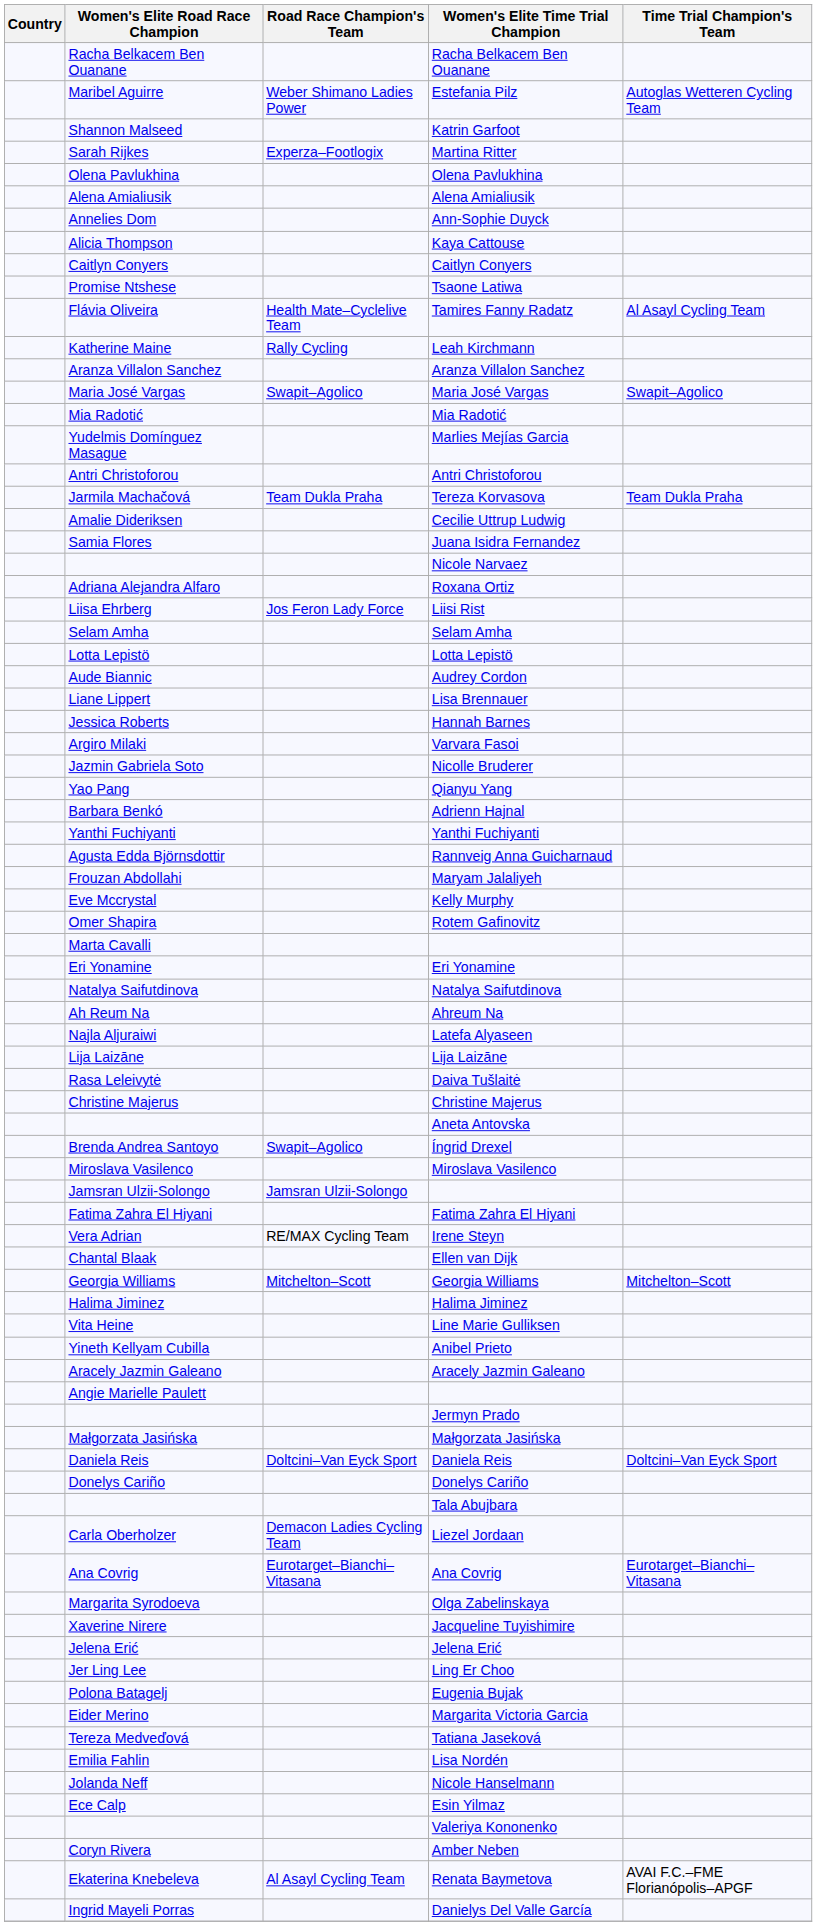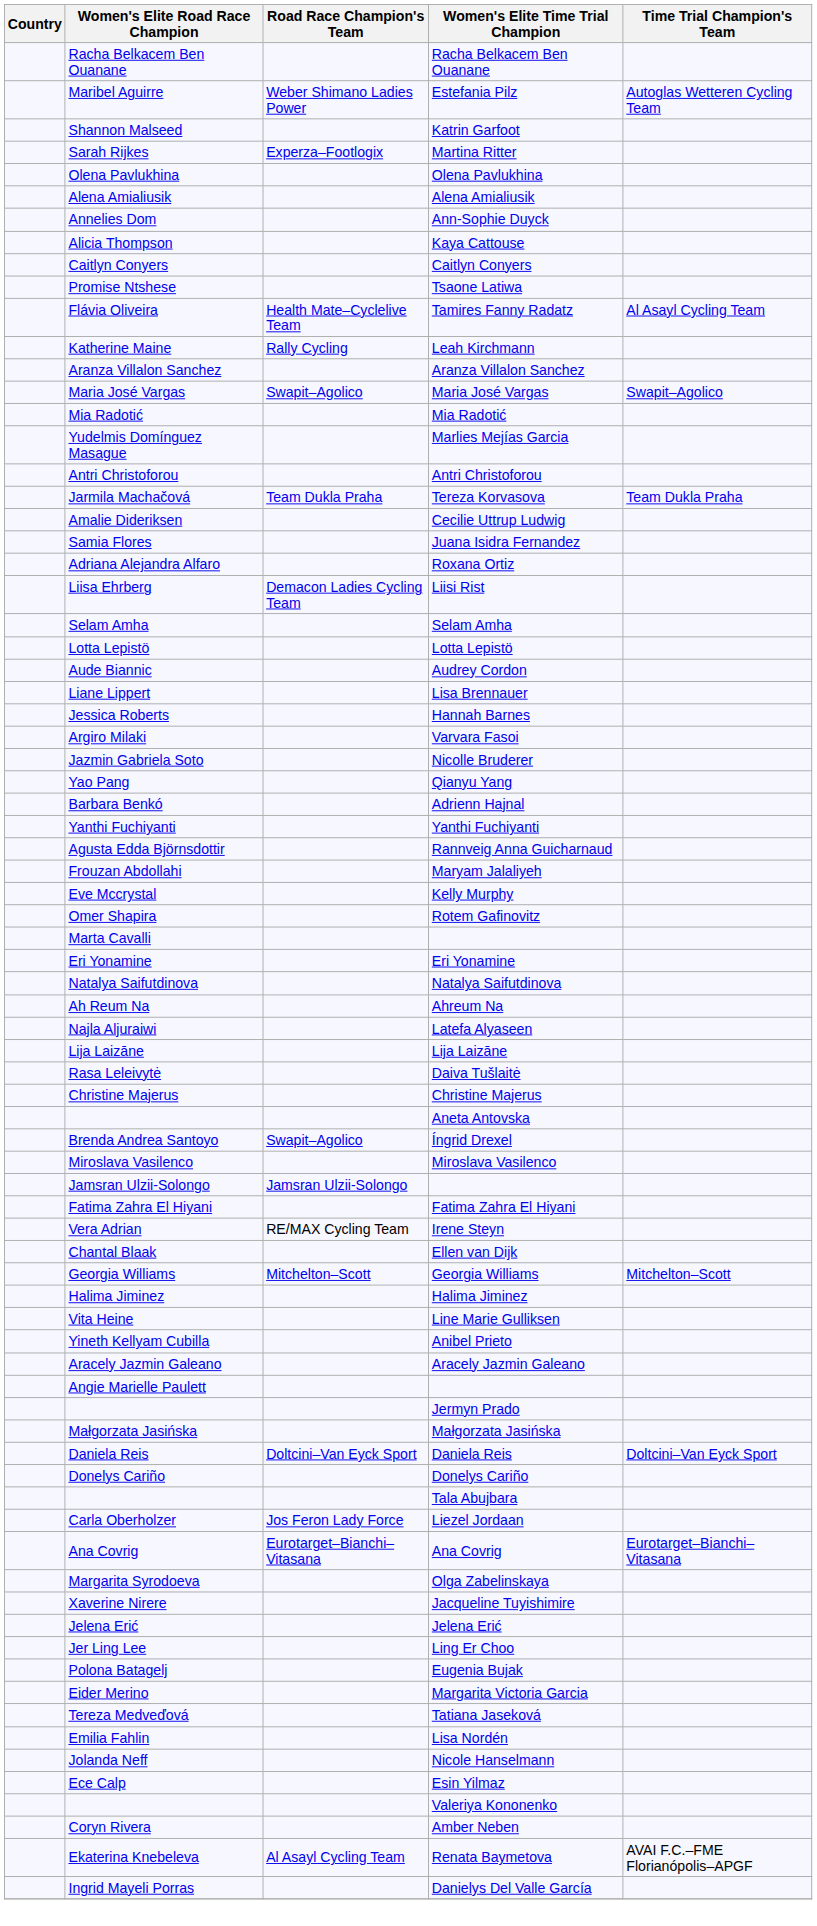 <table class="wikitable sortable"  style="background:#f7f8ff; font-size:95%;">
 <tr>
 <th>Country</th>
 <th>Women's Elite Road Race Champion</th>
 <th>Road Race Champion's Team</th>
 <th>Women's Elite Time Trial Champion</th>
 <th>Time Trial Champion's Team</th>
 </tr>
 <tr style="text-align:left; vertical-align:top;">
 <td></td>
 <td><a href='#'>Racha Belkacem Ben Ouanane</a></td>
 <td></td>
 <td><a href='#'>Racha Belkacem Ben Ouanane</a></td>
 <td></td>
 </tr>
 <tr style="text-align:left; vertical-align:top;">
 <td></td>
 <td><a href='#'>Maribel Aguirre</a></td>
 <td><a href='#'>Weber Shimano Ladies Power</a></td>
 <td><a href='#'>Estefania Pilz</a></td>
 <td><a href='#'>Autoglas Wetteren Cycling Team</a></td>
 </tr>
 <tr style="text-align:left; vertical-align:top;">
 <td></td>
 <td><a href='#'>Shannon Malseed</a></td>
 <td></td>
 <td><a href='#'>Katrin Garfoot</a></td>
 <td></td>
 </tr>
 <tr style="text-align:left; vertical-align:top;">
 <td></td>
 <td><a href='#'>Sarah Rijkes</a></td>
 <td><a href='#'>Experza–Footlogix</a></td>
 <td><a href='#'>Martina Ritter</a></td>
 <td></td>
 </tr>
 <tr style="text-align:left; vertical-align:top;">
 <td></td>
 <td><a href='#'>Olena Pavlukhina</a></td>
 <td></td>
 <td><a href='#'>Olena Pavlukhina</a></td>
 <td></td>
 </tr>
 <tr style="text-align:left; vertical-align:top;">
 <td></td>
 <td><a href='#'>Alena Amialiusik</a></td>
 <td></td>
 <td><a href='#'>Alena Amialiusik</a></td>
 <td></td>
 </tr>
 <tr style="text-align:left; vertical-align:top;">
 <td></td>
 <td><a href='#'>Annelies Dom</a></td>
 <td></td>
 <td><a href='#'>Ann-Sophie Duyck</a></td>
 <td></td>
 </tr>
 <tr style="text-align:left; vertical-align:top;">
 <td></td>
 <td><a href='#'>Alicia Thompson</a></td>
 <td></td>
 <td><a href='#'>Kaya Cattouse</a></td>
 <td></td>
 </tr>
 <tr style="text-align:left; vertical-align:top;">
 <td></td>
 <td><a href='#'>Caitlyn Conyers</a></td>
 <td></td>
 <td><a href='#'>Caitlyn Conyers</a></td>
 <td></td>
 </tr>
 <tr style="text-align:left; vertical-align:top;">
 <td></td>
 <td><a href='#'>Promise Ntshese</a></td>
 <td></td>
 <td><a href='#'>Tsaone Latiwa</a></td>
 <td></td>
 </tr>
 <tr style="text-align:left; vertical-align:top;">
 <td></td>
 <td><a href='#'>Flávia Oliveira</a></td>
 <td><a href='#'>Health Mate–Cyclelive Team</a></td>
 <td><a href='#'>Tamires Fanny Radatz</a></td>
 <td><a href='#'>Al Asayl Cycling Team</a></td>
 </tr>
 <tr style="text-align:left; vertical-align:top;">
 <td></td>
 <td><a href='#'>Katherine Maine</a></td>
 <td><a href='#'>Rally Cycling</a></td>
 <td><a href='#'>Leah Kirchmann</a></td>
 <td></td>
 </tr>
 <tr style="text-align:left; vertical-align:top;">
 <td></td>
 <td><a href='#'>Aranza Villalon Sanchez</a></td>
 <td></td>
 <td><a href='#'>Aranza Villalon Sanchez</a></td>
 <td></td>
 </tr>
 <tr style="text-align:left; vertical-align:top;">
 <td></td>
 <td><a href='#'>Maria José Vargas</a></td>
 <td><a href='#'>Swapit–Agolico</a></td>
 <td><a href='#'>Maria José Vargas</a></td>
 <td><a href='#'>Swapit–Agolico</a></td>
 </tr>
 <tr style="text-align:left; vertical-align:top;">
 <td></td>
 <td><a href='#'>Mia Radotić</a></td>
 <td></td>
 <td><a href='#'>Mia Radotić</a></td>
 <td></td>
 </tr>
 <tr style="text-align:left; vertical-align:top;">
 <td></td>
 <td><a href='#'>Yudelmis Domínguez Masague</a></td>
 <td></td>
 <td><a href='#'>Marlies Mejías Garcia</a></td>
 <td></td>
 </tr>
 <tr style="text-align:left; vertical-align:top;">
 <td></td>
 <td><a href='#'>Antri Christoforou</a></td>
 <td></td>
 <td><a href='#'>Antri Christoforou</a></td>
 <td></td>
 </tr>
 <tr style="text-align:left; vertical-align:top;">
 <td></td>
 <td><a href='#'>Jarmila Machačová</a></td>
 <td><a href='#'>Team Dukla Praha</a></td>
 <td><a href='#'>Tereza Korvasova</a></td>
 <td><a href='#'>Team Dukla Praha</a></td>
 </tr>
 <tr style="text-align:left; vertical-align:top;">
 <td></td>
 <td><a href='#'>Amalie Dideriksen</a></td>
 <td></td>
 <td><a href='#'>Cecilie Uttrup Ludwig</a></td>
 <td></td>
 </tr>
 <tr style="text-align:left; vertical-align:top;">
 <td></td>
 <td><a href='#'>Samia Flores</a></td>
 <td></td>
 <td><a href='#'>Juana Isidra Fernandez</a></td>
 <td></td>
 </tr>
 <tr style="text-align:left; vertical-align:top;">
 <td></td>
-<td></td>
-<td></td>
-<td><a href='#'>Nicole Narvaez</a></td>
-<td></td>
-</tr>
-<tr style="text-align:left; vertical-align:top;">
-<td></td>
 <td><a href='#'>Adriana Alejandra Alfaro</a></td>
 <td></td>
 <td><a href='#'>Roxana Ortiz</a></td>
 <td></td>
 </tr>
 <tr style="text-align:left; vertical-align:top;">
 <td></td>
 <td><a href='#'>Liisa Ehrberg</a></td>
-<td><a href='#'>Jos Feron Lady Force</a></td>
+<td><a href='#'>Demacon Ladies Cycling Team</a></td>
 <td><a href='#'>Liisi Rist</a></td>
 <td></td>
 </tr>
 <tr style="text-align:left; vertical-align:top;">
 <td></td>
 <td><a href='#'>Selam Amha</a></td>
 <td></td>
 <td><a href='#'>Selam Amha</a></td>
 <td></td>
 </tr>
 <tr style="text-align:left; vertical-align:top;">
 <td></td>
 <td><a href='#'>Lotta Lepistö</a></td>
 <td></td>
 <td><a href='#'>Lotta Lepistö</a></td>
 <td></td>
 </tr>
 <tr style="text-align:left; vertical-align:top;">
 <td></td>
 <td><a href='#'>Aude Biannic</a></td>
 <td></td>
 <td><a href='#'>Audrey Cordon</a></td>
 <td></td>
 </tr>
 <tr style="text-align:left; vertical-align:top;">
 <td></td>
 <td><a href='#'>Liane Lippert</a></td>
 <td></td>
 <td><a href='#'>Lisa Brennauer</a></td>
 <td></td>
 </tr>
 <tr style="text-align:left; vertical-align:top;">
 <td></td>
 <td><a href='#'>Jessica Roberts</a></td>
 <td></td>
 <td><a href='#'>Hannah Barnes</a></td>
 <td></td>
 </tr>
 <tr style="text-align:left; vertical-align:top;">
 <td></td>
 <td><a href='#'>Argiro Milaki</a></td>
 <td></td>
 <td><a href='#'>Varvara Fasoi</a></td>
 <td></td>
 </tr>
 <tr style="text-align:left; vertical-align:top;">
 <td></td>
 <td><a href='#'>Jazmin Gabriela Soto</a></td>
 <td></td>
 <td><a href='#'>Nicolle Bruderer</a></td>
 <td></td>
 </tr>
 <tr style="text-align:left; vertical-align:top;">
 <td></td>
 <td><a href='#'>Yao Pang</a></td>
 <td></td>
 <td><a href='#'>Qianyu Yang</a></td>
 <td></td>
 </tr>
 <tr style="text-align:left; vertical-align:top;">
 <td></td>
 <td><a href='#'>Barbara Benkó</a></td>
 <td></td>
 <td><a href='#'>Adrienn Hajnal</a></td>
 <td></td>
 </tr>
 <tr style="text-align:left; vertical-align:top;">
 <td></td>
 <td><a href='#'>Yanthi Fuchiyanti</a></td>
 <td></td>
 <td><a href='#'>Yanthi Fuchiyanti</a></td>
 <td></td>
 </tr>
 <tr style="text-align:left; vertical-align:top;">
 <td></td>
 <td><a href='#'>Agusta Edda Björnsdottir</a></td>
 <td></td>
 <td><a href='#'>Rannveig Anna Guicharnaud</a></td>
 <td></td>
 </tr>
 <tr style="text-align:left; vertical-align:top;">
 <td></td>
 <td><a href='#'>Frouzan Abdollahi</a></td>
 <td></td>
 <td><a href='#'>Maryam Jalaliyeh</a></td>
 <td></td>
 </tr>
 <tr style="text-align:left; vertical-align:top;">
 <td></td>
 <td><a href='#'>Eve Mccrystal</a></td>
 <td></td>
 <td><a href='#'>Kelly Murphy</a></td>
 <td></td>
 </tr>
 <tr style="text-align:left; vertical-align:top;">
 <td></td>
 <td><a href='#'>Omer Shapira</a></td>
 <td></td>
 <td><a href='#'>Rotem Gafinovitz</a></td>
 <td></td>
 </tr>
 <tr style="text-align:left; vertical-align:top;">
 <td></td>
 <td><a href='#'>Marta Cavalli</a></td>
 <td></td>
 <td></td>
 <td></td>
 </tr>
 <tr style="text-align:left; vertical-align:top;">
 <td></td>
 <td><a href='#'>Eri Yonamine</a></td>
 <td></td>
 <td><a href='#'>Eri Yonamine</a></td>
 <td></td>
 </tr>
 <tr style="text-align:left; vertical-align:top;">
 <td></td>
 <td><a href='#'>Natalya Saifutdinova</a></td>
 <td></td>
 <td><a href='#'>Natalya Saifutdinova</a></td>
 <td></td>
 </tr>
 <tr style="text-align:left; vertical-align:top;">
 <td></td>
 <td><a href='#'>Ah Reum Na</a></td>
 <td></td>
 <td><a href='#'>Ahreum Na</a></td>
 <td></td>
 </tr>
 <tr style="text-align:left; vertical-align:top;">
 <td></td>
 <td><a href='#'>Najla Aljuraiwi</a></td>
 <td></td>
 <td><a href='#'>Latefa Alyaseen</a></td>
 <td></td>
 </tr>
 <tr style="text-align:left; vertical-align:top;">
 <td></td>
 <td><a href='#'>Lija Laizāne</a></td>
 <td></td>
 <td><a href='#'>Lija Laizāne</a></td>
 <td></td>
 </tr>
 <tr style="text-align:left; vertical-align:top;">
 <td></td>
 <td><a href='#'>Rasa Leleivytė</a></td>
 <td></td>
 <td><a href='#'>Daiva Tušlaitė</a></td>
 <td></td>
 </tr>
 <tr style="text-align:left; vertical-align:top;">
 <td></td>
 <td><a href='#'>Christine Majerus</a></td>
 <td></td>
 <td><a href='#'>Christine Majerus</a></td>
 <td></td>
 </tr>
 <tr style="text-align:left; vertical-align:top;">
 <td></td>
 <td></td>
 <td></td>
 <td><a href='#'>Aneta Antovska</a></td>
 <td></td>
 </tr>
 <tr style="text-align:left; vertical-align:top;">
 <td></td>
 <td><a href='#'>Brenda Andrea Santoyo</a></td>
 <td><a href='#'>Swapit–Agolico</a></td>
 <td><a href='#'>Íngrid Drexel</a></td>
 <td></td>
 </tr>
 <tr style="text-align:left; vertical-align:top;">
 <td></td>
 <td><a href='#'>Miroslava Vasilenco</a></td>
 <td></td>
 <td><a href='#'>Miroslava Vasilenco</a></td>
 <td></td>
 </tr>
 <tr style="text-align:left; vertical-align:top;">
 <td></td>
 <td><a href='#'>Jamsran Ulzii-Solongo</a></td>
 <td><a href='#'>Jamsran Ulzii-Solongo</a></td>
 <td></td>
 <td></td>
 </tr>
 <tr style="text-align:left; vertical-align:top;">
 <td></td>
 <td><a href='#'>Fatima Zahra El Hiyani</a></td>
 <td></td>
 <td><a href='#'>Fatima Zahra El Hiyani</a></td>
 <td></td>
 </tr>
 <tr style="text-align:left; vertical-align:top;">
 <td></td>
 <td><a href='#'>Vera Adrian</a></td>
 <td>RE/MAX Cycling Team</td>
 <td><a href='#'>Irene Steyn</a></td>
 <td></td>
 </tr>
 <tr style="text-align:left; vertical-align:top;">
 <td></td>
 <td><a href='#'>Chantal Blaak</a></td>
 <td></td>
 <td><a href='#'>Ellen van Dijk</a></td>
 <td></td>
 </tr>
 <tr style="text-align:left; vertical-align:top;">
 <td></td>
 <td><a href='#'>Georgia Williams</a></td>
 <td><a href='#'>Mitchelton–Scott</a></td>
 <td><a href='#'>Georgia Williams</a></td>
 <td><a href='#'>Mitchelton–Scott</a></td>
 </tr>
 <tr style="text-align:left; vertical-align:top;">
 <td></td>
 <td><a href='#'>Halima Jiminez</a></td>
 <td></td>
 <td><a href='#'>Halima Jiminez</a></td>
 <td></td>
 </tr>
 <tr style="text-align:left; vertical-align:top;">
 <td></td>
 <td><a href='#'>Vita Heine</a></td>
 <td></td>
 <td><a href='#'>Line Marie Gulliksen</a></td>
 <td></td>
 </tr>
 <tr style="text-align:left; vertical-align:top;">
 <td></td>
 <td><a href='#'>Yineth Kellyam Cubilla</a></td>
 <td></td>
 <td><a href='#'>Anibel Prieto</a></td>
 <td></td>
 </tr>
 <tr style="text-align:left; vertical-align:top;">
 <td></td>
 <td><a href='#'>Aracely Jazmin Galeano</a></td>
 <td></td>
 <td><a href='#'>Aracely Jazmin Galeano</a></td>
 <td></td>
 </tr>
 <tr style="text-align:left; vertical-align:top;">
 <td></td>
 <td><a href='#'>Angie Marielle Paulett</a></td>
 <td></td>
 <td></td>
 <td></td>
 </tr>
 <tr style="text-align:left; vertical-align:top;">
 <td></td>
 <td></td>
 <td></td>
 <td><a href='#'>Jermyn Prado</a></td>
 <td></td>
 </tr>
 <tr style="text-align:left; verticalstyle">
 <td></td>
 <td><a href='#'>Małgorzata Jasińska</a></td>
 <td></td>
 <td><a href='#'>Małgorzata Jasińska</a></td>
 <td></td>
 </tr>
 <tr style="text-align:left; verticalstyle">
 <td></td>
 <td><a href='#'>Daniela Reis</a></td>
 <td><a href='#'>Doltcini–Van Eyck Sport</a></td>
 <td><a href='#'>Daniela Reis</a></td>
 <td><a href='#'>Doltcini–Van Eyck Sport</a></td>
 </tr>
 <tr style="text-align:left; verticalstyle">
 <td></td>
 <td><a href='#'>Donelys Cariño</a></td>
 <td></td>
 <td><a href='#'>Donelys Cariño</a></td>
 <td></td>
 </tr>
 <tr style="text-align:left; verticalstyle">
 <td></td>
 <td></td>
 <td></td>
 <td><a href='#'>Tala Abujbara</a></td>
 <td></td>
 </tr>
 <tr style="text-align:left; verticalstyle">
 <td></td>
 <td><a href='#'>Carla Oberholzer</a></td>
-<td><a href='#'>Demacon Ladies Cycling Team</a></td>
+<td><a href='#'>Jos Feron Lady Force</a></td>
 <td><a href='#'>Liezel Jordaan</a></td>
 <td></td>
 </tr>
 <tr style="text-align:left; verticalstyle">
 <td></td>
 <td><a href='#'>Ana Covrig</a></td>
 <td><a href='#'>Eurotarget–Bianchi–Vitasana</a></td>
 <td><a href='#'>Ana Covrig</a></td>
 <td><a href='#'>Eurotarget–Bianchi–Vitasana</a></td>
 </tr>
 <tr style="text-align:left; verticalstyle">
 <td></td>
 <td><a href='#'>Margarita Syrodoeva</a></td>
 <td></td>
 <td><a href='#'>Olga Zabelinskaya</a></td>
 <td></td>
 </tr>
 <tr style="text-align:left; verticalstyle">
 <td></td>
 <td><a href='#'>Xaverine Nirere</a></td>
 <td></td>
 <td><a href='#'>Jacqueline Tuyishimire</a></td>
 <td></td>
 </tr>
 <tr style="text-align:left; verticalstyle">
 <td></td>
 <td><a href='#'>Jelena Erić</a></td>
 <td></td>
 <td><a href='#'>Jelena Erić</a></td>
 <td></td>
 </tr>
 <tr style="text-align:left; verticalstyle">
 <td></td>
 <td><a href='#'>Jer Ling Lee</a></td>
 <td></td>
 <td><a href='#'>Ling Er Choo</a></td>
 <td></td>
 </tr>
 <tr style="text-align:left; verticalstyle">
 <td></td>
 <td><a href='#'>Polona Batagelj</a></td>
 <td></td>
 <td><a href='#'>Eugenia Bujak</a></td>
 <td></td>
 </tr>
 <tr style="text-align:left; vertical-align:top;">
 <td></td>
 <td><a href='#'>Eider Merino</a></td>
 <td></td>
 <td><a href='#'>Margarita Victoria Garcia</a></td>
 <td></td>
 </tr>
 <tr style="text-align:left; verticalstyle">
 <td></td>
 <td><a href='#'>Tereza Medveďová</a></td>
 <td></td>
 <td><a href='#'>Tatiana Jaseková</a></td>
 <td></td>
 </tr>
 <tr style="text-align:left; verticalstyle">
 <td></td>
 <td><a href='#'>Emilia Fahlin</a></td>
 <td></td>
 <td><a href='#'>Lisa Nordén</a></td>
 <td></td>
 </tr>
 <tr style="text-align:left; verticalstyle">
 <td></td>
 <td><a href='#'>Jolanda Neff</a></td>
 <td></td>
 <td><a href='#'>Nicole Hanselmann</a></td>
 <td></td>
 </tr>
 <tr style="text-align:left; verticalstyle">
 <td></td>
 <td><a href='#'>Ece Calp</a></td>
 <td></td>
 <td><a href='#'>Esin Yilmaz</a></td>
 <td></td>
 </tr>
 <tr style="text-align:left; verticalstyle">
 <td></td>
 <td></td>
 <td></td>
 <td><a href='#'>Valeriya Kononenko</a></td>
 <td></td>
 </tr>
 <tr style="text-align:left; verticalstyle">
 <td></td>
 <td><a href='#'>Coryn Rivera</a></td>
 <td></td>
 <td><a href='#'>Amber Neben</a></td>
 <td></td>
 </tr>
 <tr style="text-align:left; verticalstyle">
 <td></td>
 <td><a href='#'>Ekaterina Knebeleva</a></td>
 <td><a href='#'>Al Asayl Cycling Team</a></td>
 <td><a href='#'>Renata Baymetova</a></td>
 <td>AVAI F.C.–FME Florianópolis–APGF</td>
 </tr>
 <tr style="text-align:left; verticalstyle">
 <td></td>
 <td><a href='#'>Ingrid Mayeli Porras</a></td>
 <td></td>
 <td><a href='#'>Danielys Del Valle García</a></td>
 <td></td>
 </tr>
 <tr style="text-align:left; verticalstyle">
 </tr>
 </table>
